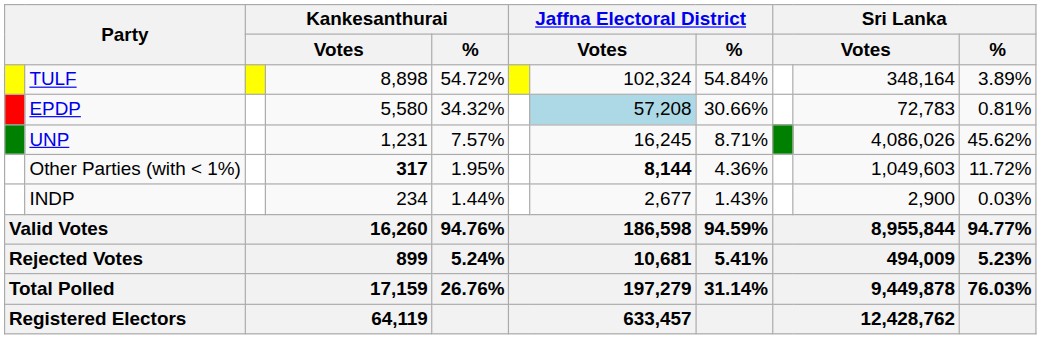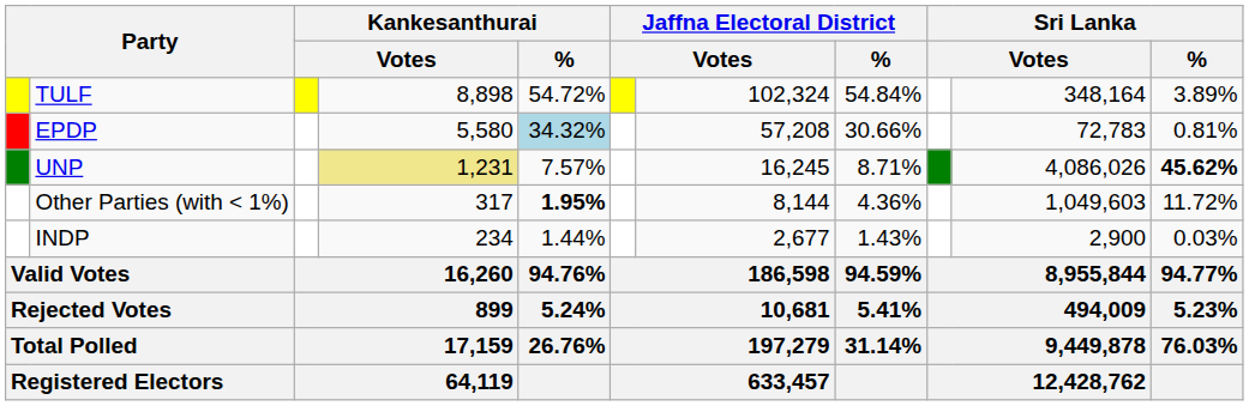 <table class="wikitable">
 <tr>
 <th colspan="2" width="144px"rowspan="2">Party</th>
 <th colspan="3" width="216px">Kankesanthurai</th>
 <th colspan="3" width="216px"><a href='#'>Jaffna Electoral District</a></th>
 <th colspan="3" width="216px">Sri Lanka</th>
 </tr>
 <tr>
 <th colspan="2" width="144px">Votes</th>
 <th>%</th>
 <th colspan="2" width="144px">Votes</th>
 <th>%</th>
 <th colspan="2" width="144px">Votes</th>
 <th>%</th>
 </tr>
 <tr>
 <td style="background-color:yellow;" width="10px"></td>
 <td style="text-align:left;"><a href='#'>TULF</a></td>
 <td style="background-color:yellow;" width="10px"></td>
 <td style="text-align:right;">8,898</td>
 <td style="text-align:right;">54.72%</td>
 <td style="background-color:yellow;" width="10px"></td>
 <td style="text-align:right;">102,324</td>
 <td style="text-align:right;">54.84%</td>
 <td style="background-color:white;" width="10px"></td>
 <td style="text-align:right;">348,164</td>
 <td style="text-align:right;">3.89%</td>
 </tr>
 <tr>
 <td style="background-color:red;" width="10px"></td>
 <td style="text-align:left;"><a href='#'>EPDP</a></td>
 <td style="background-color:white;" width="10px"></td>
 <td style="text-align:right;">5,580</td>
-<td style="text-align:right;">34.32%</td>
+<td style="background: lightblue; text-align:right;">34.32%</td>
 <td style="background-color:white;" width="10px"></td>
-<td style="background: lightblue; text-align:right;">57,208</td>
+<td style="text-align:right;">57,208</td>
 <td style="text-align:right;">30.66%</td>
 <td style="background-color:white;" width="10px"></td>
 <td style="text-align:right;">72,783</td>
 <td style="text-align:right;">0.81%</td>
 </tr>
 <tr>
 <td style="background-color:green;" width="10px"></td>
 <td style="text-align:left;"><a href='#'>UNP</a></td>
 <td style="background-color:white;" width="10px"></td>
-<td style="text-align:right;">1,231</td>
+<td style="background: khaki; text-align:right;">1,231</td>
 <td style="text-align:right;">7.57%</td>
 <td style="background-color:white;" width="10px"></td>
 <td style="text-align:right;">16,245</td>
 <td style="text-align:right;">8.71%</td>
 <td style="background-color:green;" width="10px"></td>
 <td style="text-align:right;">4,086,026</td>
-<td style="text-align:right;">45.62%</td>
+<td style="text-align:right;"><strong>45.62%</strong></td>
 </tr>
 <tr>
 <td style="background-color:white;" width="10px"></td>
 <td style="text-align:left;">Other Parties (with < 1%)</td>
 <td style="background-color:white;" width="10px"></td>
-<td style="text-align:right;"><strong>317</strong></td>
-<td style="text-align:right;">1.95%</td>
+<td style="text-align:right;">317</td>
+<td style="text-align:right;"><strong>1.95%</strong></td>
 <td style="background-color:white;" width="10px"></td>
-<td style="text-align:right;"><strong>8,144</strong></td>
+<td style="text-align:right;">8,144</td>
 <td style="text-align:right;">4.36%</td>
 <td style="background-color:white;" width="10px"></td>
 <td style="text-align:right;">1,049,603</td>
 <td style="text-align:right;">11.72%</td>
 </tr>
 <tr>
 <td style="background-color:white;" width="10px"></td>
 <td style="text-align:left;">INDP</td>
 <td style="background-color:white;" width="10px"></td>
 <td style="text-align:right;">234</td>
 <td style="text-align:right;">1.44%</td>
 <td style="background-color:white;" width="10px"></td>
 <td style="text-align:right;">2,677</td>
 <td style="text-align:right;">1.43%</td>
 <td style="background-color:white;" width="10px"></td>
 <td style="text-align:right;">2,900</td>
 <td style="text-align:right;">0.03%</td>
 </tr>
 <tr>
 <th colspan="2" width="144px"style="text-align:left;">Valid Votes</th>
 <th style="text-align:right;"colspan="2" width="144px">16,260</th>
 <th style="text-align:right;">94.76%</th>
 <th style="text-align:right;"colspan="2" width="144px">186,598</th>
 <th style="text-align:right;">94.59%</th>
 <th style="text-align:right;"colspan="2" width="144px">8,955,844</th>
 <th style="text-align:right;">94.77%</th>
 </tr>
 <tr>
 <th colspan="2" width="144px"style="text-align:left;">Rejected Votes</th>
 <th style="text-align:right;"colspan="2" width="144px">899</th>
 <th style="text-align:right;">5.24%</th>
 <th style="text-align:right;"colspan="2" width="144px">10,681</th>
 <th style="text-align:right;">5.41%</th>
 <th style="text-align:right;"colspan="2" width="144px">494,009</th>
 <th style="text-align:right;">5.23%</th>
 </tr>
 <tr>
 <th colspan="2" width="144px"style="text-align:left;">Total Polled</th>
 <th style="text-align:right;"colspan="2" width="144px">17,159</th>
 <th style="text-align:right;">26.76%</th>
 <th style="text-align:right;"colspan="2" width="144px">197,279</th>
 <th style="text-align:right;">31.14%</th>
 <th style="text-align:right;"colspan="2" width="144px">9,449,878</th>
 <th style="text-align:right;">76.03%</th>
 </tr>
 <tr>
 <th colspan="2" width="144px"style="text-align:left;">Registered Electors</th>
 <th style="text-align:right;"colspan="2" width="144px">64,119</th>
 <th></th>
 <th style="text-align:right;"colspan="2" width="144px">633,457</th>
 <th></th>
 <th style="text-align:right;"colspan="2" width="144px">12,428,762</th>
 <th></th>
 </tr>
 </table>
